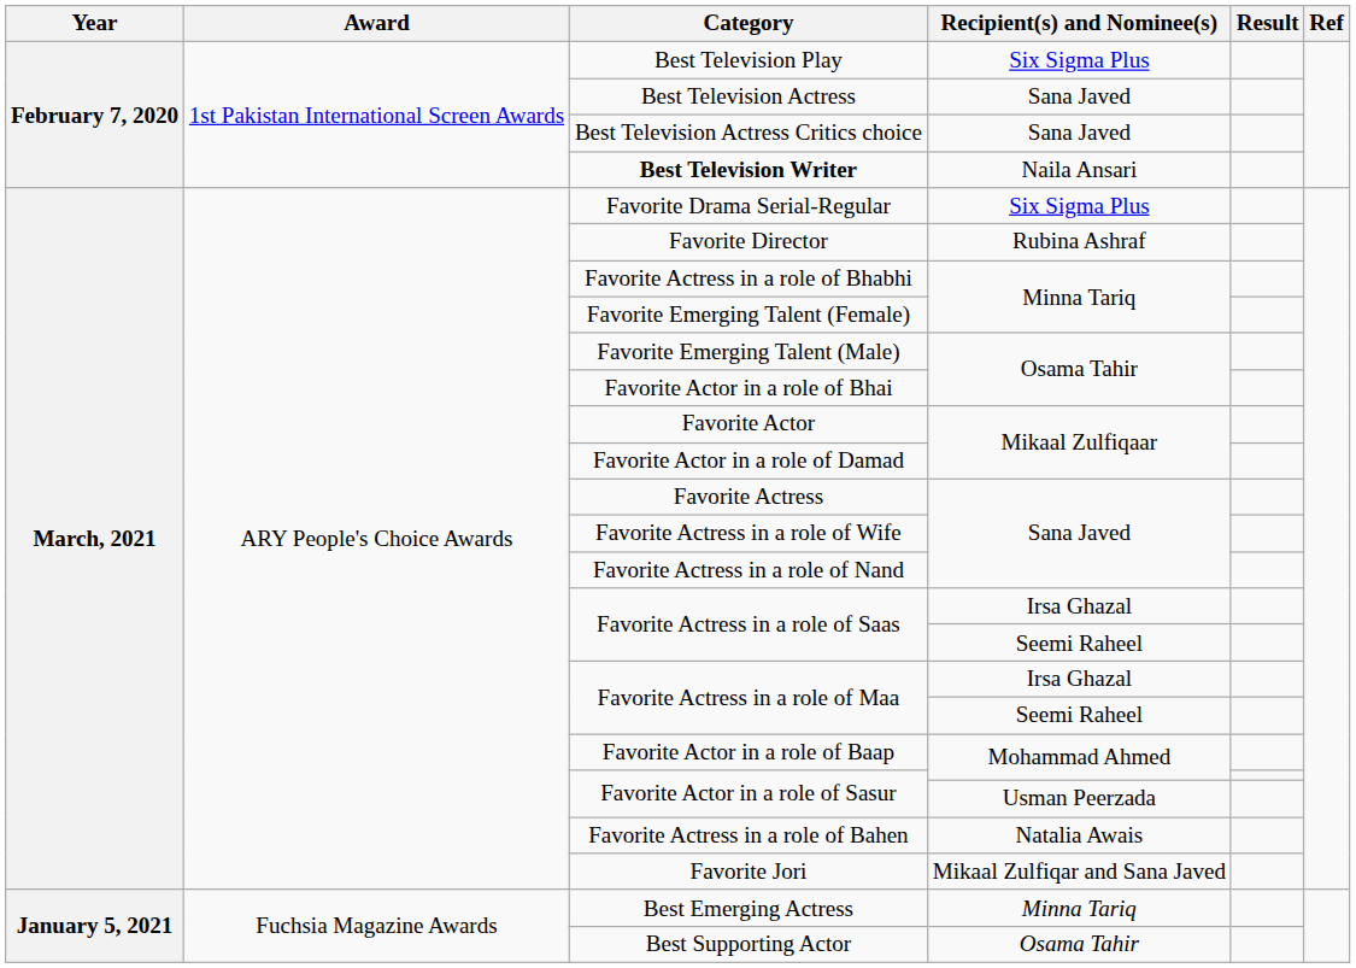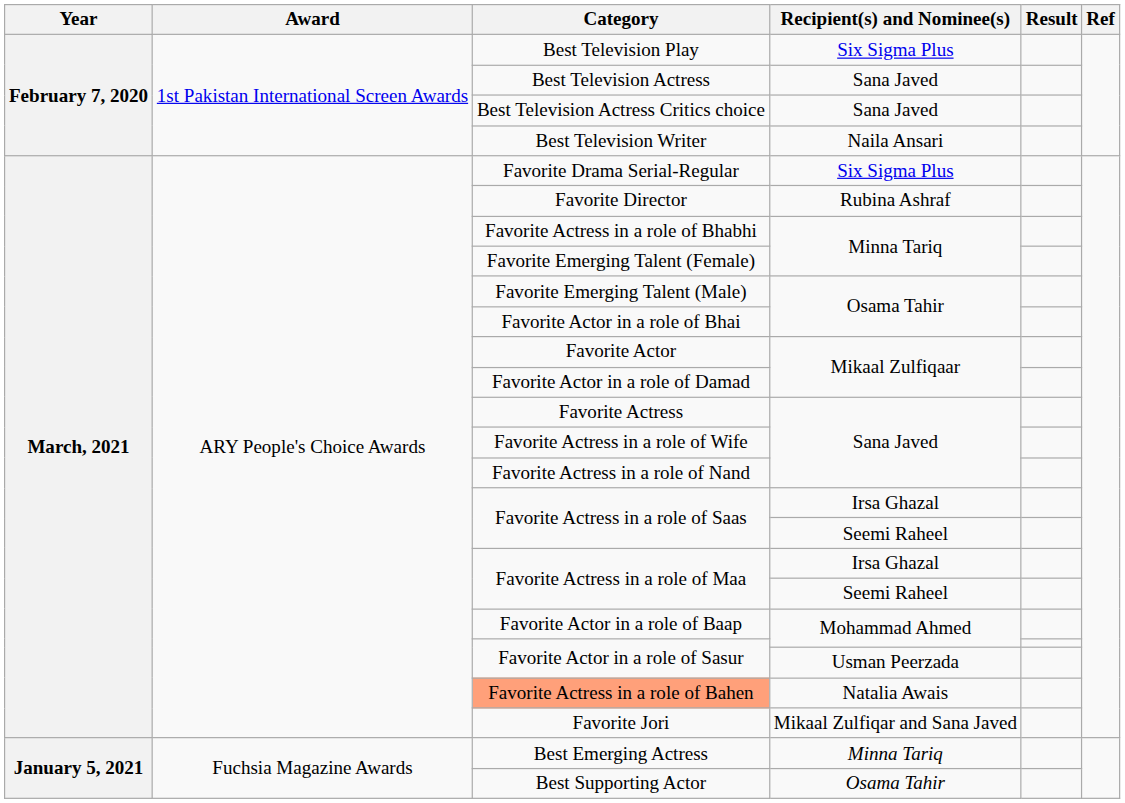 <table class="wikitable" style="text-align:center">
 <tr>
 <th>Year</th>
 <th>Award</th>
 <th>Category</th>
 <th>Recipient(s) and Nominee(s)</th>
 <th>Result</th>
 <th>Ref</th>
 </tr>
 <tr>
 <th rowspan=4>February 7, 2020</th>
 <td rowspan=4><a href='#'>1st Pakistan International Screen Awards</a></td>
 <td>Best Television Play</td>
 <td><a href='#'>Six Sigma Plus</a></td>
 <td></td>
 <td rowspan=4></td>
 </tr>
 <tr>
 <td>Best Television Actress</td>
 <td>Sana Javed</td>
 <td></td>
 </tr>
 <tr>
 <td>Best Television Actress Critics choice</td>
 <td>Sana Javed</td>
 <td></td>
 </tr>
 <tr>
-<td><strong>Best Television Writer</strong></td>
+<td>Best Television Writer</td>
 <td>Naila Ansari</td>
 <td></td>
 </tr>
 <tr>
 <th rowspan=20>March, 2021</th>
 <td rowspan=20>ARY People's Choice Awards</td>
 <td>Favorite Drama Serial-Regular</td>
 <td><a href='#'>Six Sigma Plus</a></td>
 <td></td>
 <td rowspan =20></td>
 </tr>
 <tr>
 <td>Favorite Director</td>
 <td>Rubina Ashraf</td>
 <td></td>
 </tr>
 <tr>
 <td>Favorite Actress in a role of Bhabhi</td>
 <td rowspan=2>Minna Tariq</td>
 <td></td>
 </tr>
 <tr>
 <td>Favorite Emerging Talent (Female)</td>
 <td></td>
 </tr>
 <tr>
 <td>Favorite Emerging Talent (Male)</td>
 <td rowspan =2>Osama Tahir</td>
 <td></td>
 </tr>
 <tr>
 <td>Favorite Actor in a role of Bhai</td>
 <td></td>
 </tr>
 <tr>
 <td>Favorite Actor</td>
 <td rowspan=2>Mikaal Zulfiqaar</td>
 <td></td>
 </tr>
 <tr>
 <td>Favorite Actor in a role of Damad</td>
 <td></td>
 </tr>
 <tr>
 <td>Favorite Actress</td>
 <td rowspan =3>Sana Javed</td>
 <td></td>
 </tr>
 <tr>
 <td>Favorite Actress in a role of Wife</td>
 <td></td>
 </tr>
 <tr>
 <td>Favorite Actress in a role of Nand</td>
 <td></td>
 </tr>
 <tr>
 <td rowspan= 2>Favorite Actress in a role of Saas</td>
 <td>Irsa Ghazal</td>
 <td></td>
 </tr>
 <tr>
 <td>Seemi Raheel</td>
 <td></td>
 </tr>
 <tr>
 <td rowspan= 2>Favorite Actress in a role of Maa</td>
 <td>Irsa Ghazal</td>
 <td></td>
 </tr>
 <tr>
 <td>Seemi Raheel</td>
 <td></td>
 </tr>
 <tr>
 <td>Favorite Actor in a role of Baap</td>
 <td rowspan =2>Mohammad Ahmed</td>
 <td></td>
 </tr>
 <tr>
 <td rowspan= 2>Favorite Actor in a role of Sasur</td>
 <td></td>
 </tr>
 <tr>
 <td>Usman Peerzada</td>
 <td></td>
 </tr>
 <tr>
-<td>Favorite Actress in a role of Bahen</td>
+<td style="background: lightsalmon;">Favorite Actress in a role of Bahen</td>
 <td>Natalia Awais</td>
 <td></td>
 </tr>
 <tr>
 <td>Favorite Jori</td>
 <td>Mikaal Zulfiqar and Sana Javed</td>
 <td></td>
 </tr>
 <tr>
 <th rowspan="2">January 5, 2021</th>
 <td rowspan="2">Fuchsia Magazine Awards</td>
 <td>Best Emerging Actress</td>
 <td><em>Minna Tariq</em></td>
 <td></td>
 <td rowspan="2"></td>
 </tr>
 <tr>
 <td>Best Supporting Actor</td>
 <td><em>Osama Tahir</em></td>
 <td></td>
 </tr>
 </table>
